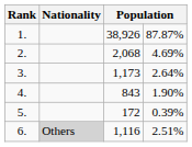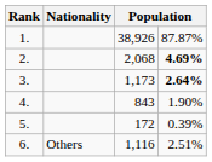 <table class="wikitable">
 <tr>
 <th>Rank</th>
 <th>Nationality</th>
 <th colspan=2 style="text-align: center;">Population</th>
 </tr>
 <tr>
 <td style="text-align: center;">1.</td>
 <td></td>
 <td style="text-align: right;">38,926</td>
 <td style="text-align: right;">87.87%</td>
 </tr>
 <tr>
 <td style="text-align: center;">2.</td>
 <td></td>
 <td style="text-align: right;">2,068</td>
-<td style="text-align: right;">4.69%</td>
+<td style="text-align: right;"><strong>4.69%</strong></td>
 </tr>
 <tr>
 <td style="text-align: center;">3.</td>
 <td></td>
 <td style="text-align: right;">1,173</td>
-<td style="text-align: right;">2.64%</td>
+<td style="text-align: right;"><strong>2.64%</strong></td>
 </tr>
 <tr>
 <td style="text-align: center;">4.</td>
 <td></td>
 <td style="text-align: right;">843</td>
 <td style="text-align: right;">1.90%</td>
 </tr>
 <tr>
 <td style="text-align: center;">5.</td>
 <td></td>
 <td style="text-align: right;">172</td>
 <td style="text-align: right;">0.39%</td>
 </tr>
 <tr>
 <td style="text-align: center;">6.</td>
-<td style="background: lightgrey;">Others</td>
+<td>Others</td>
 <td style="text-align: right;">1,116</td>
 <td style="text-align: right;">2.51%</td>
 </tr>
 </table>
